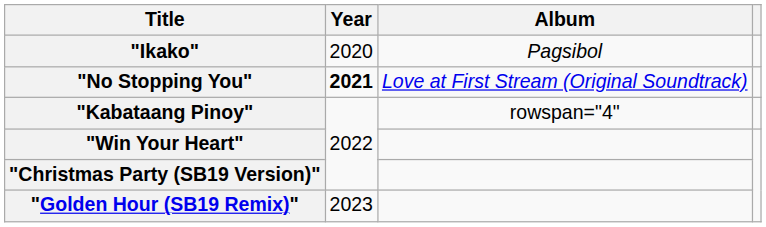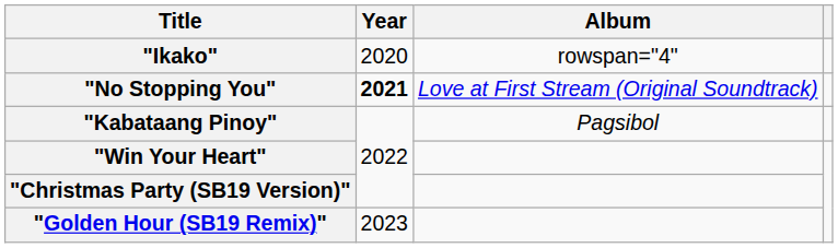 <table class="wikitable plainrowheaders" style="text-align:center;">
 <tr>
 <th scope="col">Title</th>
 <th scope="col">Year</th>
 <th scope="col">Album</th>
 <th scope="col"></th>
 </tr>
 <tr>
 <th scope="row">"Ikako"</th>
 <td>2020</td>
-<td><em>Pagsibol</em></td>
+<td>rowspan="4" </td>
 <td></td>
 </tr>
 <tr>
 <th scope="row">"No Stopping You"<br></th>
 <td><strong>2021</strong></td>
 <td><em><a href='#'>Love at First Stream (Original Soundtrack)</a></em></td>
 <td></td>
 </tr>
 <tr>
 <th scope="row">"Kabataang Pinoy"<br></th>
 <td rowspan="3">2022</td>
-<td>rowspan="4" </td>
+<td><em>Pagsibol</em></td>
 <td></td>
 </tr>
 <tr>
 <th scope="row">"Win Your Heart"</th>
 <td></td>
 </tr>
 <tr>
 <th scope="row">"Christmas Party (SB19 Version)"</th>
 <td></td>
 </tr>
 <tr>
 <th scope="row">"<a href='#'>Golden Hour (SB19 Remix)</a>"<br></th>
 <td>2023</td>
 <td></td>
 </tr>
 </table>
